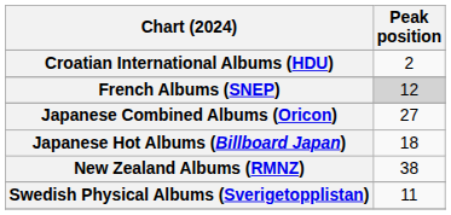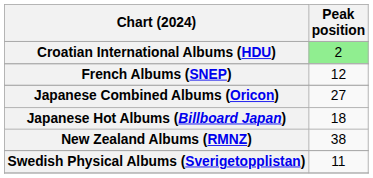 <table class="wikitable sortable plainrowheaders" style="text-align:center;">
 <tr>
 <th scope="col">Chart (2024)</th>
 <th scope="col">Peak<br>position</th>
 </tr>
 <tr>
 </tr>
 <tr>
 </tr>
 <tr>
 </tr>
 <tr>
 <th scope="row">Croatian International Albums (<a href='#'>HDU</a>)</th>
-<td>2</td>
+<td style="background: lightgreen;">2</td>
 </tr>
 <tr>
 </tr>
 <tr>
 <th scope="row">French Albums (<a href='#'>SNEP</a>)</th>
-<td style="background: lightgrey;">12</td>
+<td>12</td>
 </tr>
 <tr>
 </tr>
 <tr>
 </tr>
 <tr>
 <th scope="row">Japanese Combined Albums (<a href='#'>Oricon</a>)</th>
 <td>27</td>
 </tr>
 <tr>
 <th scope="row">Japanese Hot Albums (<em><a href='#'>Billboard Japan</a></em>)</th>
 <td>18</td>
 </tr>
 <tr>
 <th scope="row">New Zealand Albums (<a href='#'>RMNZ</a>)</th>
 <td>38</td>
 </tr>
 <tr>
 </tr>
 <tr>
 </tr>
 <tr>
 </tr>
 <tr>
 <th scope="row">Swedish Physical Albums (<a href='#'>Sverigetopplistan</a>)</th>
 <td>11</td>
 </tr>
 <tr>
 </tr>
 <tr>
 </tr>
 <tr>
 </tr>
 <tr>
 </tr>
 <tr>
 </tr>
 <tr>
 </tr>
 </table>
